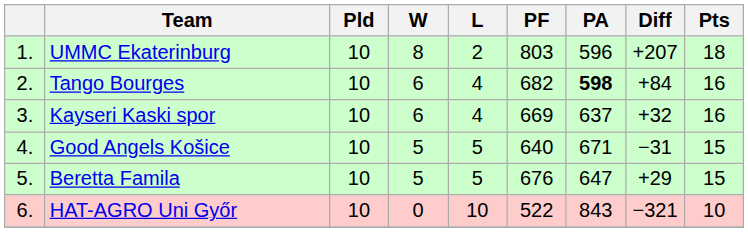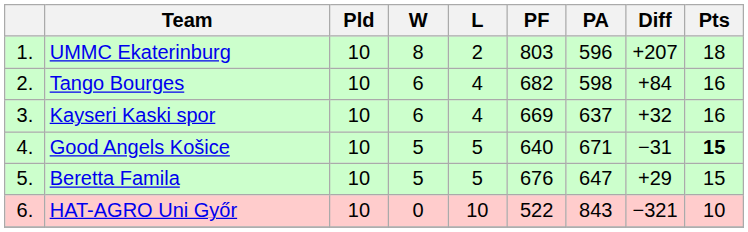 <table class="wikitable" style="text-align:center">
 <tr>
 <th width=25></th>
 <th width=220>Team</th>
 <th width=40>Pld</th>
 <th width=40>W</th>
 <th width=40>L</th>
 <th width=40>PF</th>
 <th width=40>PA</th>
 <th width=40>Diff</th>
 <th width=40>Pts</th>
 </tr>
 <tr style="background:#ccffcc;">
 <td>1.</td>
 <td align=left> <a href='#'>UMMC Ekaterinburg</a></td>
 <td>10</td>
 <td>8</td>
 <td>2</td>
 <td>803</td>
 <td>596</td>
 <td>+207</td>
 <td>18</td>
 </tr>
 <tr style="background:#ccffcc;">
 <td>2.</td>
 <td align=left> <a href='#'>Tango Bourges</a></td>
 <td>10</td>
 <td>6</td>
 <td>4</td>
 <td>682</td>
-<td><strong>598</strong></td>
+<td>598</td>
 <td>+84</td>
 <td>16</td>
 </tr>
 <tr style="background:#ccffcc;">
 <td>3.</td>
 <td align=left> <a href='#'>Kayseri Kaski spor</a></td>
 <td>10</td>
 <td>6</td>
 <td>4</td>
 <td>669</td>
 <td>637</td>
 <td>+32</td>
 <td>16</td>
 </tr>
 <tr style="background:#ccffcc;">
 <td>4.</td>
 <td align=left> <a href='#'>Good Angels Košice</a></td>
 <td>10</td>
 <td>5</td>
 <td>5</td>
 <td>640</td>
 <td>671</td>
 <td>−31</td>
-<td>15</td>
+<td><strong>15</strong></td>
 </tr>
 <tr style="background:#ccffcc;">
 <td>5.</td>
 <td align=left> <a href='#'>Beretta Famila</a></td>
 <td>10</td>
 <td>5</td>
 <td>5</td>
 <td>676</td>
 <td>647</td>
 <td>+29</td>
 <td>15</td>
 </tr>
 <tr style="background:#ffcccc;">
 <td>6.</td>
 <td align=left> <a href='#'>HAT-AGRO Uni Győr</a></td>
 <td>10</td>
 <td>0</td>
 <td>10</td>
 <td>522</td>
 <td>843</td>
 <td>−321</td>
 <td>10</td>
 </tr>
 <tr>
 </tr>
 </table>
